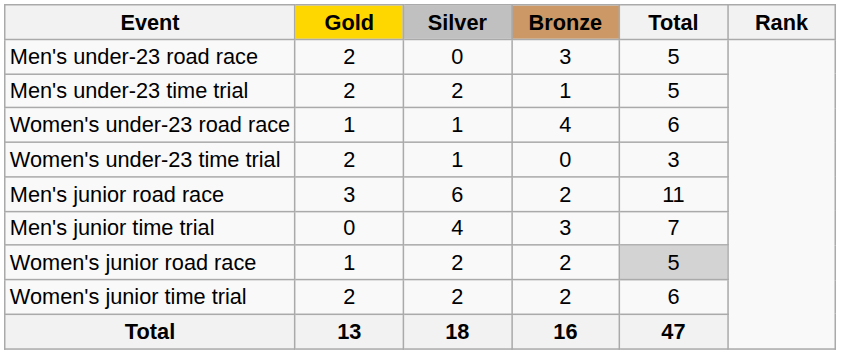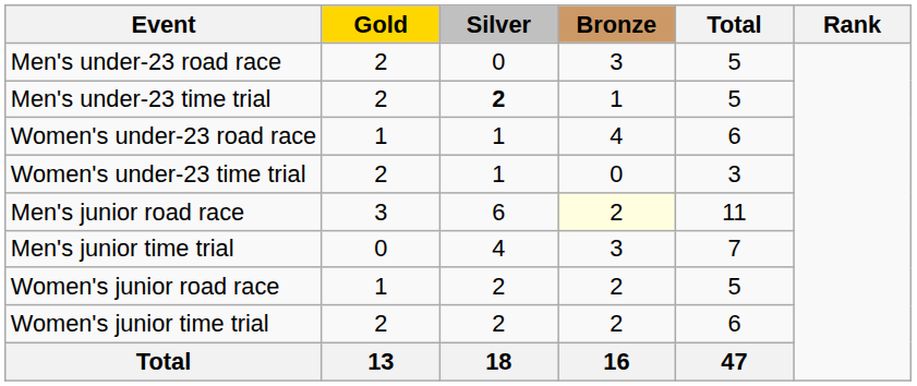 <table class="wikitable sortable" border="1" style="text-align:center; font-size:90%;">
 <tr>
 <th style="width:15:em;">Event</th>
 <td style="background:gold; width:4.5em; font-weight:bold;">Gold</td>
 <td style="background:silver; width:4.5em; font-weight:bold;">Silver</td>
 <td style="background:#cc9966; width:4.5em; font-weight:bold;">Bronze</td>
 <th style="width:4.5em;">Total</th>
 <th style="width:4.5em;">Rank</th>
 </tr>
 <tr>
 <td align=left>Men's under-23 road race</td>
 <td>2</td>
 <td>0</td>
 <td>3</td>
 <td>5</td>
 </tr>
 <tr>
 <td align=left>Men's under-23 time trial</td>
 <td>2</td>
-<td>2</td>
+<td><strong>2</strong></td>
 <td>1</td>
 <td>5</td>
 </tr>
 <tr>
 <td align=left>Women's under-23 road race</td>
 <td>1</td>
 <td>1</td>
 <td>4</td>
 <td>6</td>
 </tr>
 <tr>
 <td align=left>Women's under-23 time trial</td>
 <td>2</td>
 <td>1</td>
 <td>0</td>
 <td>3</td>
 </tr>
 <tr>
 <td align=left>Men's junior road race</td>
 <td>3</td>
 <td>6</td>
-<td>2</td>
+<td style="background: lightyellow;">2</td>
 <td>11</td>
 </tr>
 <tr>
 <td align=left>Men's junior time trial</td>
 <td>0</td>
 <td>4</td>
 <td>3</td>
 <td>7</td>
 </tr>
 <tr>
 <td align=left>Women's junior road race</td>
 <td>1</td>
 <td>2</td>
 <td>2</td>
-<td style="background: lightgrey;">5</td>
+<td>5</td>
 </tr>
 <tr>
 <td align=left>Women's junior time trial</td>
 <td>2</td>
 <td>2</td>
 <td>2</td>
 <td>6</td>
 </tr>
 <tr>
 <th>Total</th>
 <th>13</th>
 <th>18</th>
 <th>16</th>
 <th>47</th>
 </tr>
 </table>
